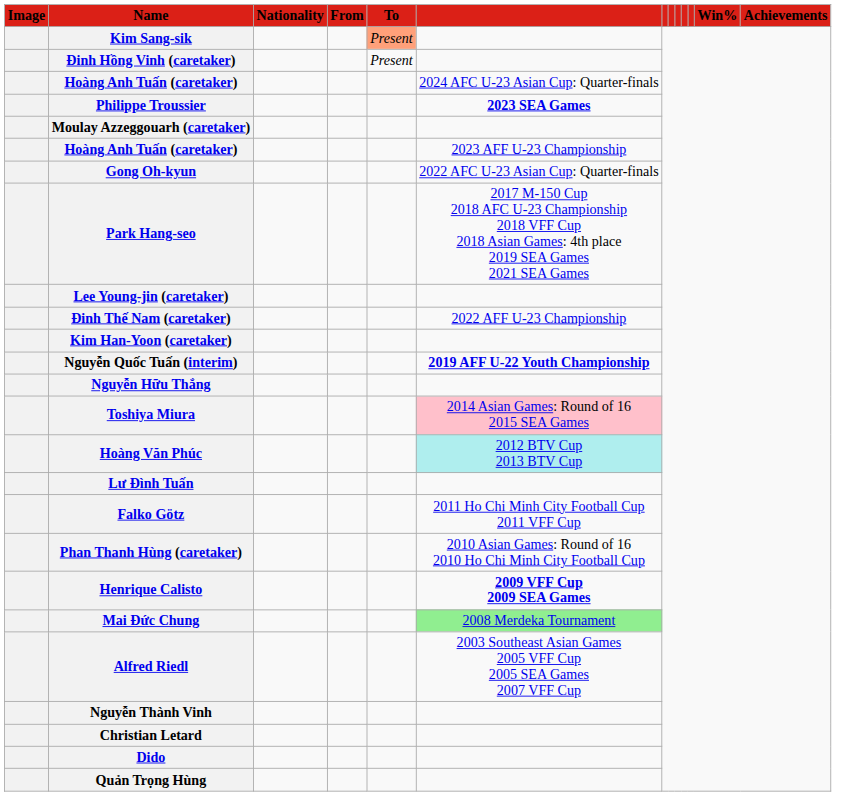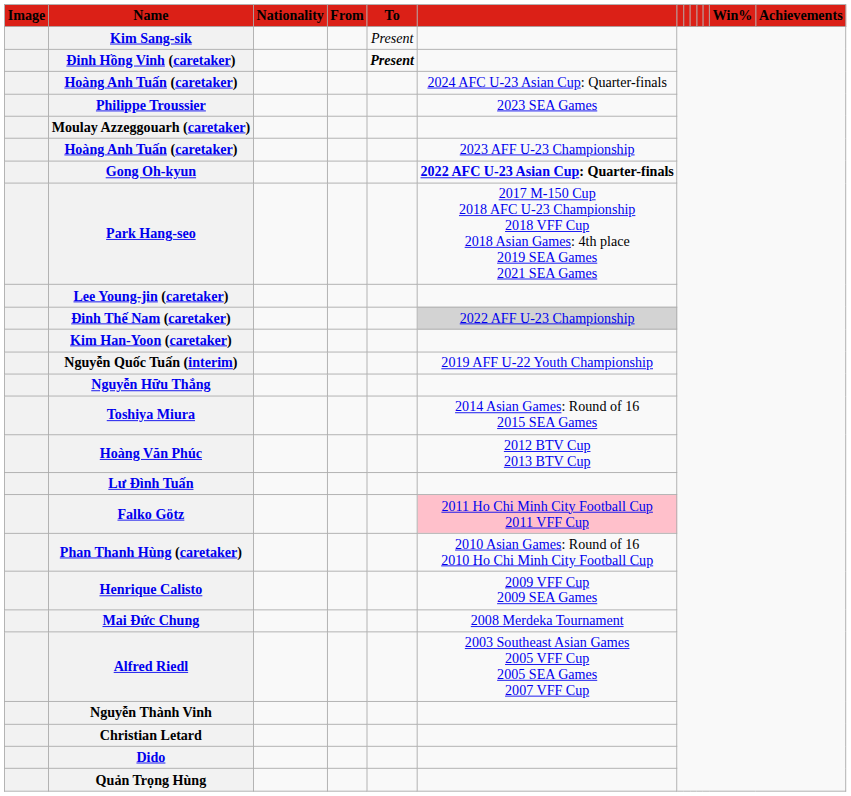 <table class="wikitable plainrowheaders sortable" style="text-align:center">
 <tr>
 <th style="background-color:#DB2017;"><span>Image</span></th>
 <th style="background-color:#DB2017;"><span>Name</span></th>
 <th style="background-color:#DB2017;"><span>Nationality</span></th>
 <th style="background-color:#DB2017;"><span>From</span></th>
 <th style="background-color:#DB2017;"><span>To</span></th>
 <th style="background-color:#DB2017;"><span></span></th>
 <th style="background-color:#DB2017;"><span></span></th>
 <th style="background-color:#DB2017;"><span></span></th>
 <th style="background-color:#DB2017;"><span></span></th>
 <th style="background-color:#DB2017;"><span></span></th>
 <th style="background-color:#DB2017;"><span></span></th>
 <th style="background-color:#DB2017;"><span>Win%</span></th>
 <th style="background-color:#DB2017;"><span>Achievements</span></th>
 </tr>
 <tr>
 <th></th>
 <th scope="row"><a href='#'>Kim Sang-sik</a></th>
 <td></td>
 <td></td>
-<td style="background: lightsalmon;"> <em>Present</em><br></td>
+<td> <em>Present</em><br></td>
 <td></td>
 </tr>
 <tr>
 <th></th>
 <th scope="row"><a href='#'>Đinh Hồng Vinh</a> (<a href='#'>caretaker</a>)</th>
 <td></td>
 <td></td>
-<td> <em>Present</em><br></td>
+<td><strong> <em>Present</em><br></strong></td>
 <td></td>
 </tr>
 <tr>
 <th></th>
 <th scope="row"><a href='#'>Hoàng Anh Tuấn</a> (<a href='#'>caretaker</a>)</th>
 <td></td>
 <td></td>
 <td><br></td>
 <td><a href='#'>2024 AFC U-23 Asian Cup</a>: Quarter-finals</td>
 </tr>
 <tr>
 <th></th>
 <th scope="row"><a href='#'>Philippe Troussier</a></th>
 <td></td>
 <td></td>
 <td><br></td>
-<td><strong> <a href='#'>2023 SEA Games</a></strong></td>
+<td> <a href='#'>2023 SEA Games</a></td>
 </tr>
 <tr>
 <th></th>
 <th scope="row">Moulay Azzeggouarh (<a href='#'>caretaker</a>)</th>
 <td></td>
 <td></td>
 <td><br></td>
 <td></td>
 </tr>
 <tr>
 <th></th>
 <th scope="row"><a href='#'>Hoàng Anh Tuấn</a> (<a href='#'>caretaker</a>)</th>
 <td></td>
 <td></td>
 <td><br></td>
 <td> <a href='#'>2023 AFF U-23 Championship</a></td>
 </tr>
 <tr>
 <th></th>
 <th scope="row"><a href='#'>Gong Oh-kyun</a></th>
 <td></td>
 <td></td>
 <td><br></td>
-<td><a href='#'>2022 AFC U-23 Asian Cup</a>: Quarter-finals</td>
+<td><strong><a href='#'>2022 AFC U-23 Asian Cup</a>: Quarter-finals</strong></td>
 </tr>
 <tr>
 <th></th>
 <th scope="row"><a href='#'>Park Hang-seo</a></th>
 <td></td>
 <td></td>
 <td><br></td>
 <td> <a href='#'>2017 M-150 Cup</a><br> <a href='#'>2018 AFC U-23 Championship</a><br> <a href='#'>2018 VFF Cup</a><br><a href='#'>2018 Asian Games</a>: 4th place<br> <a href='#'>2019 SEA Games</a><br> <a href='#'>2021 SEA Games</a></td>
 </tr>
 <tr>
 <th></th>
 <th scope="row"><a href='#'>Lee Young-jin</a> (<a href='#'>caretaker</a>)</th>
 <td></td>
 <td></td>
 <td><br></td>
 <td></td>
 </tr>
 <tr>
 <th></th>
 <th scope="row"><a href='#'>Đinh Thế Nam</a> (<a href='#'>caretaker</a>)</th>
 <td></td>
 <td></td>
 <td><br></td>
-<td> <a href='#'>2022 AFF U-23 Championship</a></td>
+<td style="background: lightgrey;"> <a href='#'>2022 AFF U-23 Championship</a></td>
 </tr>
 <tr>
 <th></th>
 <th scope="row"><a href='#'>Kim Han-Yoon</a> (<a href='#'>caretaker</a>)</th>
 <td></td>
 <td></td>
 <td><br></td>
 <td></td>
 </tr>
 <tr>
 <th></th>
 <th scope="row">Nguyễn Quốc Tuấn (<a href='#'>interim</a>)</th>
 <td></td>
 <td></td>
 <td><br></td>
-<td><strong> <a href='#'>2019 AFF U-22 Youth Championship</a></strong></td>
+<td> <a href='#'>2019 AFF U-22 Youth Championship</a></td>
 </tr>
 <tr>
 <th></th>
 <th scope="row"><a href='#'>Nguyễn Hữu Thắng</a></th>
 <td></td>
 <td></td>
 <td><br></td>
 <td></td>
 </tr>
 <tr>
 <th></th>
 <th scope="row"><a href='#'>Toshiya Miura</a></th>
 <td></td>
 <td></td>
 <td><br></td>
-<td style="background: pink;"><a href='#'>2014 Asian Games</a>: Round of 16<br> <a href='#'>2015 SEA Games</a></td>
+<td><a href='#'>2014 Asian Games</a>: Round of 16<br> <a href='#'>2015 SEA Games</a></td>
 </tr>
 <tr>
 <th></th>
 <th scope="row"><a href='#'>Hoàng Văn Phúc</a></th>
 <td></td>
 <td></td>
 <td><br></td>
-<td style="background: paleturquoise;"> <a href='#'>2012 BTV Cup</a><br> <a href='#'>2013 BTV Cup</a></td>
+<td> <a href='#'>2012 BTV Cup</a><br> <a href='#'>2013 BTV Cup</a></td>
 </tr>
 <tr>
 <th></th>
 <th scope="row"><a href='#'>Lư Đình Tuấn</a></th>
 <td></td>
 <td></td>
 <td><br></td>
 <td></td>
 </tr>
 <tr>
 <th></th>
 <th scope="row"><a href='#'>Falko Götz</a></th>
 <td></td>
 <td></td>
 <td><br></td>
-<td> <a href='#'>2011 Ho Chi Minh City Football Cup</a><br> <a href='#'>2011 VFF Cup</a></td>
+<td style="background: pink;"> <a href='#'>2011 Ho Chi Minh City Football Cup</a><br> <a href='#'>2011 VFF Cup</a></td>
 </tr>
 <tr>
 <th></th>
 <th scope="row"><a href='#'>Phan Thanh Hùng</a> (<a href='#'>caretaker</a>)</th>
 <td></td>
 <td></td>
 <td><br></td>
 <td><a href='#'>2010 Asian Games</a>: Round of 16<br> <a href='#'>2010 Ho Chi Minh City Football Cup</a></td>
 </tr>
 <tr>
 <th></th>
 <th scope="row"><a href='#'>Henrique Calisto</a></th>
 <td></td>
 <td></td>
 <td><br></td>
-<td><strong> <a href='#'>2009 VFF Cup</a><br> <a href='#'>2009 SEA Games</a></strong></td>
+<td> <a href='#'>2009 VFF Cup</a><br> <a href='#'>2009 SEA Games</a></td>
 </tr>
 <tr>
 <th></th>
 <th scope="row"><a href='#'>Mai Đức Chung</a></th>
 <td></td>
 <td></td>
 <td><br></td>
-<td style="background: lightgreen;"> <a href='#'>2008 Merdeka Tournament</a></td>
+<td> <a href='#'>2008 Merdeka Tournament</a></td>
 </tr>
 <tr>
 <th></th>
 <th scope="row"><a href='#'>Alfred Riedl</a></th>
 <td></td>
 <td></td>
 <td><br></td>
 <td> <a href='#'>2003 Southeast Asian Games</a><br> <a href='#'>2005 VFF Cup</a><br> <a href='#'>2005 SEA Games</a><br> <a href='#'>2007 VFF Cup</a></td>
 </tr>
 <tr>
 <th></th>
 <th scope="row">Nguyễn Thành Vinh</th>
 <td></td>
 <td></td>
 <td><br></td>
 <td></td>
 </tr>
 <tr>
 <th></th>
 <th scope="row">Christian Letard</th>
 <td></td>
 <td></td>
 <td><br></td>
 <td></td>
 </tr>
 <tr>
 <th></th>
 <th scope="row"><a href='#'>Dido</a></th>
 <td></td>
 <td></td>
 <td><br></td>
 <td></td>
 </tr>
 <tr>
 <th></th>
 <th scope="row">Quản Trọng Hùng</th>
 <td></td>
 <td></td>
 <td><br></td>
 <td></td>
 </tr>
 </table>
